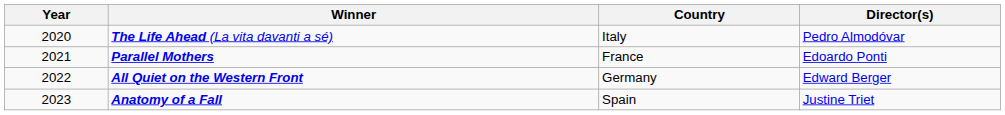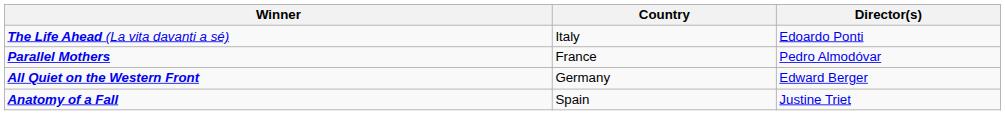 <table class="wikitable" width="95%" cellpadding="5">
 <tr>
-<th width="100"><strong>Year</strong></th>
 <th width="500"><strong>Winner</strong></th>
 <th width="200"><strong>Country</strong></th>
 <th width="200"><strong>Director(s)</strong></th>
 </tr>
 <tr>
-<td style="text-align:center;">2020</td>
 <td><em><a href='#'><strong>The Life Ahead</strong> (La vita davanti a sé)</a></em></td>
 <td>Italy</td>
+<td><a href='#'>Edoardo Ponti</a></td>
+</tr>
+<tr>
+<td><strong><em><a href='#'>Parallel Mothers</a></em></strong></td>
+<td>France</td>
 <td><a href='#'>Pedro Almodóvar</a></td>
 </tr>
 <tr>
-<td style="text-align:center;">2021</td>
-<td><strong><em><a href='#'>Parallel Mothers</a></em></strong></td>
-<td>France</td>
-<td><a href='#'>Edoardo Ponti</a></td>
-</tr>
-<tr>
-<td style="text-align:center">2022</td>
 <td><strong><em><a href='#'>All Quiet on the Western Front</a></em></strong></td>
 <td>Germany</td>
 <td><a href='#'>Edward Berger</a></td>
 </tr>
 <tr>
-<td style="text-align:center">2023</td>
 <td><strong><em><a href='#'>Anatomy of a Fall</a></em></strong></td>
 <td>Spain</td>
 <td><a href='#'>Justine Triet</a></td>
 </tr>
 </table>
